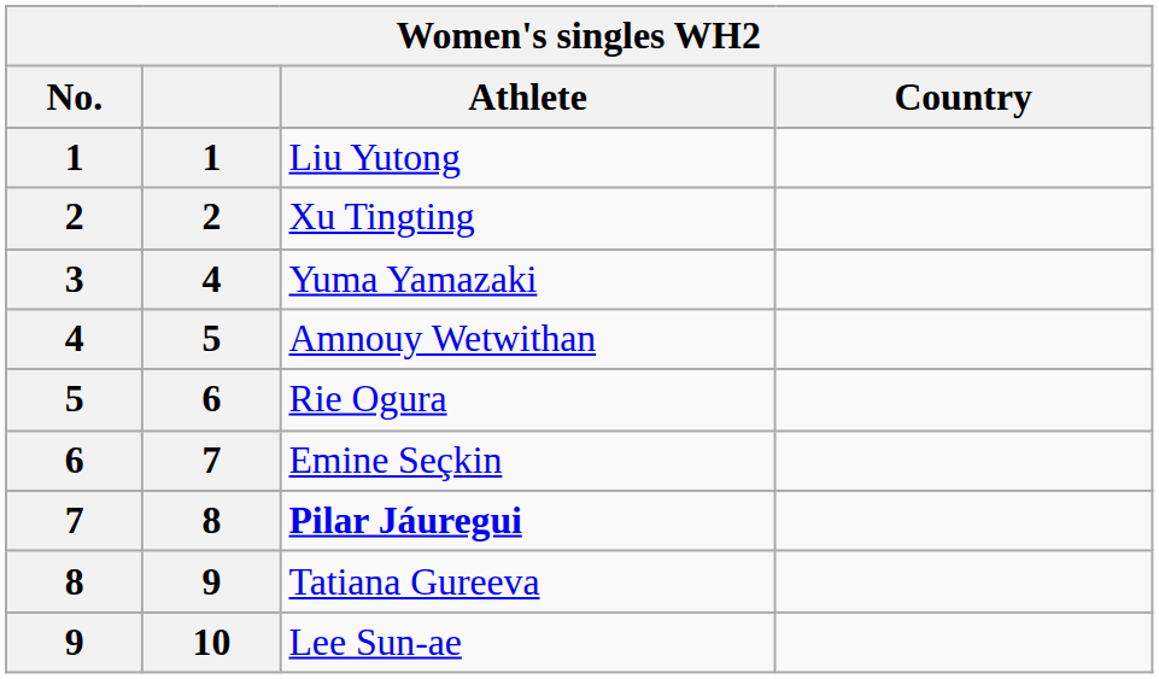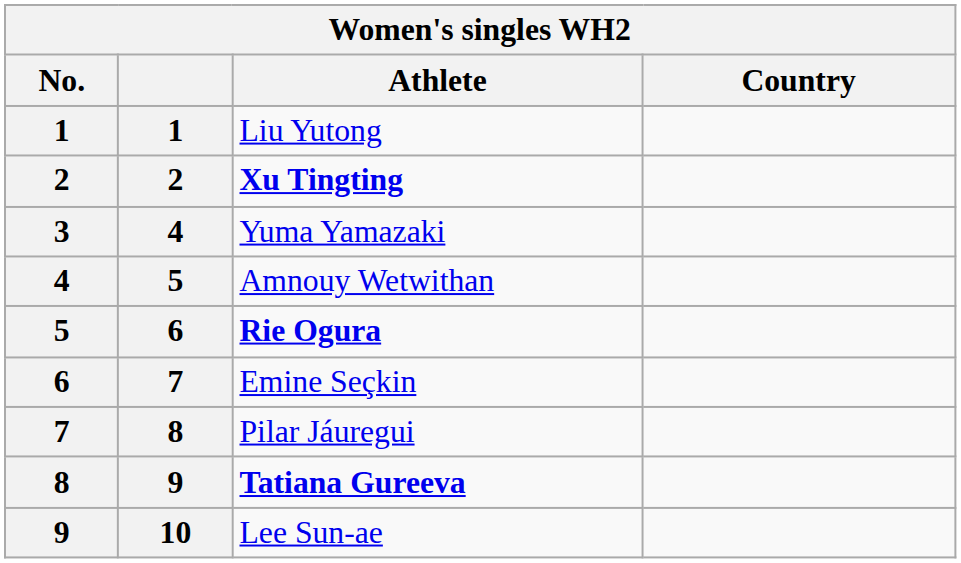 <table class="wikitable">
 <tr>
 <th colspan="4">Women's singles WH2</th>
 </tr>
 <tr>
 <th width="50">No.</th>
 <th width="50"></th>
 <th width="200">Athlete</th>
 <th width="150">Country</th>
 </tr>
 <tr>
 <th>1</th>
 <th>1</th>
 <td><a href='#'>Liu Yutong</a></td>
 <td></td>
 </tr>
 <tr>
 <th>2</th>
 <th>2</th>
-<td><a href='#'>Xu Tingting</a></td>
+<td><strong><a href='#'>Xu Tingting</a></strong></td>
 <td></td>
 </tr>
 <tr>
 <th>3</th>
 <th>4</th>
 <td><a href='#'>Yuma Yamazaki</a></td>
 <td></td>
 </tr>
 <tr>
 <th>4</th>
 <th>5</th>
 <td><a href='#'>Amnouy Wetwithan</a></td>
 <td></td>
 </tr>
 <tr>
 <th>5</th>
 <th>6</th>
-<td><a href='#'>Rie Ogura</a></td>
+<td><strong><a href='#'>Rie Ogura</a></strong></td>
 <td></td>
 </tr>
 <tr>
 <th>6</th>
 <th>7</th>
 <td><a href='#'>Emine Seçkin</a></td>
 <td></td>
 </tr>
 <tr>
 <th>7</th>
 <th>8</th>
-<td><strong><a href='#'>Pilar Jáuregui</a></strong></td>
+<td><a href='#'>Pilar Jáuregui</a></td>
 <td></td>
 </tr>
 <tr>
 <th>8</th>
 <th>9</th>
-<td><a href='#'>Tatiana Gureeva</a></td>
+<td><strong><a href='#'>Tatiana Gureeva</a></strong></td>
 <td></td>
 </tr>
 <tr>
 <th>9</th>
 <th>10</th>
 <td><a href='#'>Lee Sun-ae</a></td>
 <td></td>
 </tr>
 </table>
